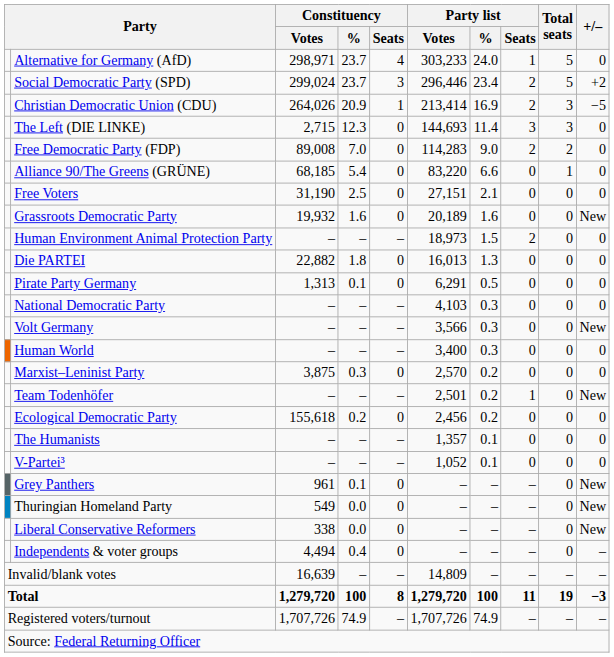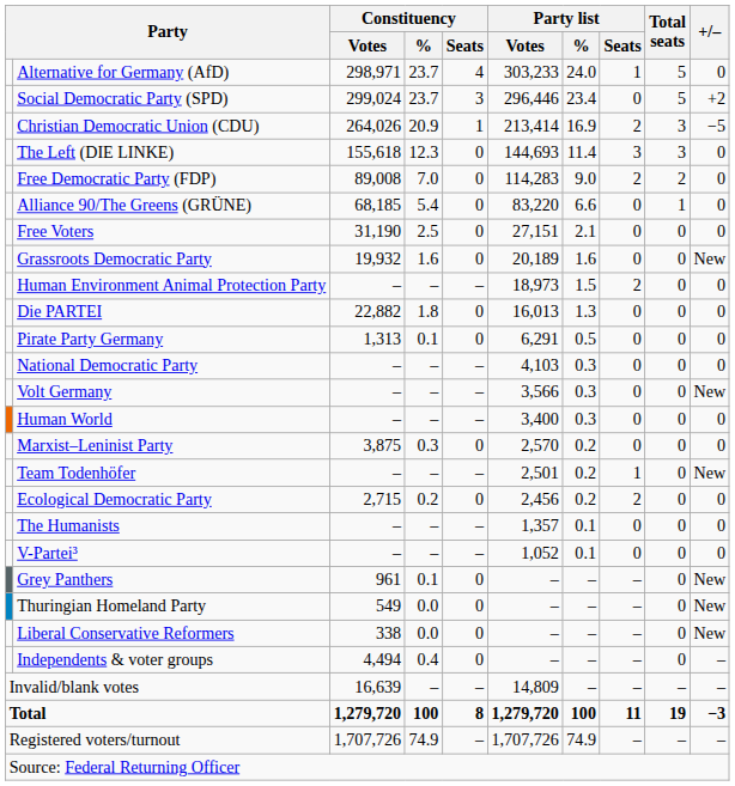 <table class="wikitable" style="text-align:right">
 <tr>
 <th colspan="2" rowspan="2">Party</th>
 <th colspan="3">Constituency</th>
 <th colspan="3">Party list</th>
 <th rowspan="2">Total<br>seats</th>
 <th rowspan="2">+/–</th>
 </tr>
 <tr>
 <th>Votes</th>
 <th>%</th>
 <th>Seats</th>
 <th>Votes</th>
 <th>%</th>
 <th>Seats</th>
 </tr>
 <tr>
 <td></td>
 <td align="left"><a href='#'>Alternative for Germany</a> (AfD)</td>
 <td>298,971</td>
 <td>23.7</td>
 <td>4</td>
 <td>303,233</td>
 <td>24.0</td>
 <td>1</td>
 <td>5</td>
 <td>0</td>
 </tr>
 <tr>
 <td></td>
 <td align="left"><a href='#'>Social Democratic Party</a> (SPD)</td>
 <td>299,024</td>
 <td>23.7</td>
 <td>3</td>
 <td>296,446</td>
 <td>23.4</td>
-<td>2</td>
+<td>0</td>
 <td>5</td>
 <td>+2</td>
 </tr>
 <tr>
 <td></td>
 <td align="left"><a href='#'>Christian Democratic Union</a> (CDU)</td>
 <td>264,026</td>
 <td>20.9</td>
 <td>1</td>
 <td>213,414</td>
 <td>16.9</td>
 <td>2</td>
 <td>3</td>
 <td>−5</td>
 </tr>
 <tr>
 <td></td>
 <td align="left"><a href='#'>The Left</a> (DIE LINKE)</td>
-<td>2,715</td>
+<td>155,618</td>
 <td>12.3</td>
 <td>0</td>
 <td>144,693</td>
 <td>11.4</td>
 <td>3</td>
 <td>3</td>
 <td>0</td>
 </tr>
 <tr>
 <td></td>
 <td align="left"><a href='#'>Free Democratic Party</a> (FDP)</td>
 <td>89,008</td>
 <td>7.0</td>
 <td>0</td>
 <td>114,283</td>
 <td>9.0</td>
 <td>2</td>
 <td>2</td>
 <td>0</td>
 </tr>
 <tr>
 <td></td>
 <td align="left"><a href='#'>Alliance 90/The Greens</a> (GRÜNE)</td>
 <td>68,185</td>
 <td>5.4</td>
 <td>0</td>
 <td>83,220</td>
 <td>6.6</td>
 <td>0</td>
 <td>1</td>
 <td>0</td>
 </tr>
 <tr>
 <td style="background-color:"></td>
 <td align="left"><a href='#'>Free Voters</a></td>
 <td>31,190</td>
 <td>2.5</td>
 <td>0</td>
 <td>27,151</td>
 <td>2.1</td>
 <td>0</td>
 <td>0</td>
 <td>0</td>
 </tr>
 <tr>
 <td style="background-color:"></td>
 <td align="left"><a href='#'>Grassroots Democratic Party</a></td>
 <td>19,932</td>
 <td>1.6</td>
 <td>0</td>
 <td>20,189</td>
 <td>1.6</td>
 <td>0</td>
 <td>0</td>
 <td>New</td>
 </tr>
 <tr>
 <td style="background-color:"></td>
 <td align="left"><a href='#'>Human Environment Animal Protection Party</a></td>
 <td>–</td>
 <td>–</td>
 <td>–</td>
 <td>18,973</td>
 <td>1.5</td>
 <td>2</td>
 <td>0</td>
 <td>0</td>
 </tr>
 <tr>
 <td style="background-color:"></td>
 <td align="left"><a href='#'>Die PARTEI</a></td>
 <td>22,882</td>
 <td>1.8</td>
 <td>0</td>
 <td>16,013</td>
 <td>1.3</td>
 <td>0</td>
 <td>0</td>
 <td>0</td>
 </tr>
 <tr>
 <td style="background-color:"></td>
 <td align="left"><a href='#'>Pirate Party Germany</a></td>
 <td>1,313</td>
 <td>0.1</td>
 <td>0</td>
 <td>6,291</td>
 <td>0.5</td>
 <td>0</td>
 <td>0</td>
 <td>0</td>
 </tr>
 <tr>
 <td style="background-color:"></td>
 <td align="left"><a href='#'>National Democratic Party</a></td>
 <td>–</td>
 <td>–</td>
 <td>–</td>
 <td>4,103</td>
 <td>0.3</td>
 <td>0</td>
 <td>0</td>
 <td>0</td>
 </tr>
 <tr>
 <td style="background-color:"></td>
 <td align="left"><a href='#'>Volt Germany</a></td>
 <td>–</td>
 <td>–</td>
 <td>–</td>
 <td>3,566</td>
 <td>0.3</td>
 <td>0</td>
 <td>0</td>
 <td>New</td>
 </tr>
 <tr>
 <td style="background-color:#EE6600"></td>
 <td align="left"><a href='#'>Human World</a></td>
 <td>–</td>
 <td>–</td>
 <td>–</td>
 <td>3,400</td>
 <td>0.3</td>
 <td>0</td>
 <td>0</td>
 <td>0</td>
 </tr>
 <tr>
 <td style="background-color:"></td>
 <td align="left"><a href='#'>Marxist–Leninist Party</a></td>
 <td>3,875</td>
 <td>0.3</td>
 <td>0</td>
 <td>2,570</td>
 <td>0.2</td>
 <td>0</td>
 <td>0</td>
 <td>0</td>
 </tr>
 <tr>
 <td style="background-color:"></td>
 <td align="left"><a href='#'>Team Todenhöfer</a></td>
 <td>–</td>
 <td>–</td>
 <td>–</td>
 <td>2,501</td>
 <td>0.2</td>
 <td>1</td>
 <td>0</td>
 <td>New</td>
 </tr>
 <tr>
 <td style="background-color:"></td>
 <td align="left"><a href='#'>Ecological Democratic Party</a></td>
-<td>155,618</td>
+<td>2,715</td>
 <td>0.2</td>
 <td>0</td>
 <td>2,456</td>
 <td>0.2</td>
-<td>0</td>
+<td>2</td>
 <td>0</td>
 <td>0</td>
 </tr>
 <tr>
 <td style="background-color:"></td>
 <td align="left"><a href='#'>The Humanists</a></td>
 <td>–</td>
 <td>–</td>
 <td>–</td>
 <td>1,357</td>
 <td>0.1</td>
 <td>0</td>
 <td>0</td>
 <td>0</td>
 </tr>
 <tr>
 <td style="background-color:"></td>
 <td align="left"><a href='#'>V-Partei³</a></td>
 <td>–</td>
 <td>–</td>
 <td>–</td>
 <td>1,052</td>
 <td>0.1</td>
 <td>0</td>
 <td>0</td>
 <td>0</td>
 </tr>
 <tr>
 <td style="background-color:#566467"></td>
 <td align="left"><a href='#'>Grey Panthers</a></td>
 <td>961</td>
 <td>0.1</td>
 <td>0</td>
 <td>–</td>
 <td>–</td>
 <td>–</td>
 <td>0</td>
 <td>New</td>
 </tr>
 <tr>
 <td style="background-color:#0083C1"></td>
 <td align="left">Thuringian Homeland Party</td>
 <td>549</td>
 <td>0.0</td>
 <td>0</td>
 <td>–</td>
 <td>–</td>
 <td>–</td>
 <td>0</td>
 <td>New</td>
 </tr>
 <tr>
 <td style="background-color:"></td>
 <td align="left"><a href='#'>Liberal Conservative Reformers</a></td>
 <td>338</td>
 <td>0.0</td>
 <td>0</td>
 <td>–</td>
 <td>–</td>
 <td>–</td>
 <td>0</td>
 <td>New</td>
 </tr>
 <tr>
 <td style="background-color:"></td>
 <td align="left"><a href='#'>Independents</a> & voter groups</td>
 <td>4,494</td>
 <td>0.4</td>
 <td>0</td>
 <td>–</td>
 <td>–</td>
 <td>–</td>
 <td>0</td>
 <td>–</td>
 </tr>
 <tr>
 <td colspan="2" align="left">Invalid/blank votes</td>
 <td>16,639</td>
 <td>–</td>
 <td>–</td>
 <td>14,809</td>
 <td>–</td>
 <td>–</td>
 <td>–</td>
 <td>–</td>
 </tr>
 <tr>
 <td colspan="2" align="left"><strong>Total</strong></td>
 <td><strong>1,279,720</strong></td>
 <td><strong>100</strong></td>
 <td><strong>8</strong></td>
 <td><strong>1,279,720</strong></td>
 <td><strong>100</strong></td>
 <td><strong>11</strong></td>
 <td><strong>19</strong></td>
 <td><strong>−3</strong></td>
 </tr>
 <tr>
 <td colspan="2" align="left">Registered voters/turnout</td>
 <td>1,707,726</td>
 <td>74.9</td>
 <td>–</td>
 <td>1,707,726</td>
 <td>74.9</td>
 <td>–</td>
 <td>–</td>
 <td>–</td>
 </tr>
 <tr>
 <td colspan="10" align="left">Source: <a href='#'>Federal Returning Officer</a></td>
 </tr>
 </table>
